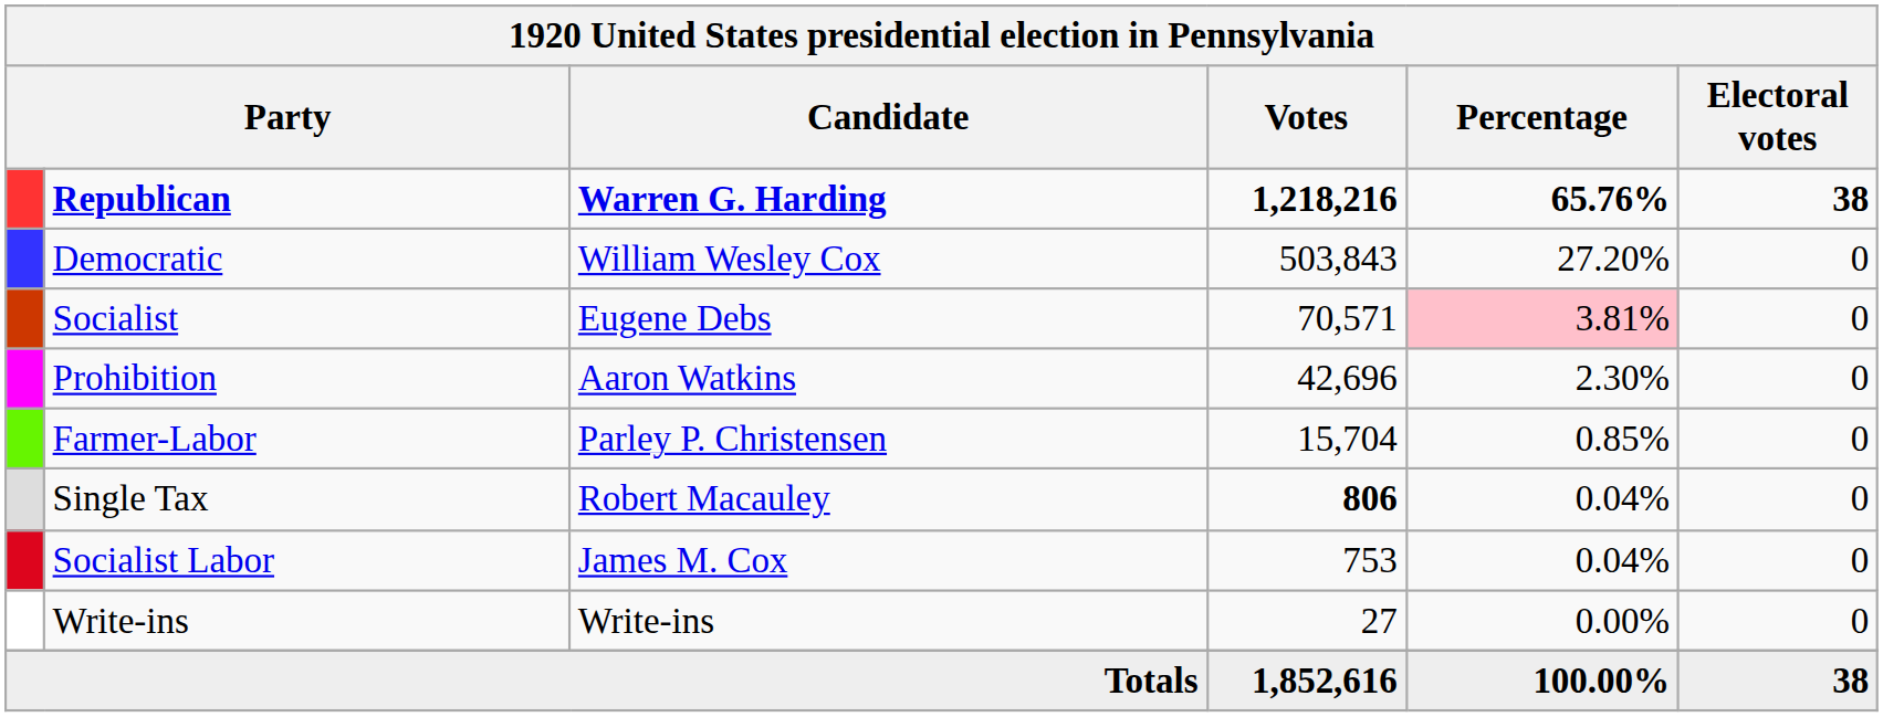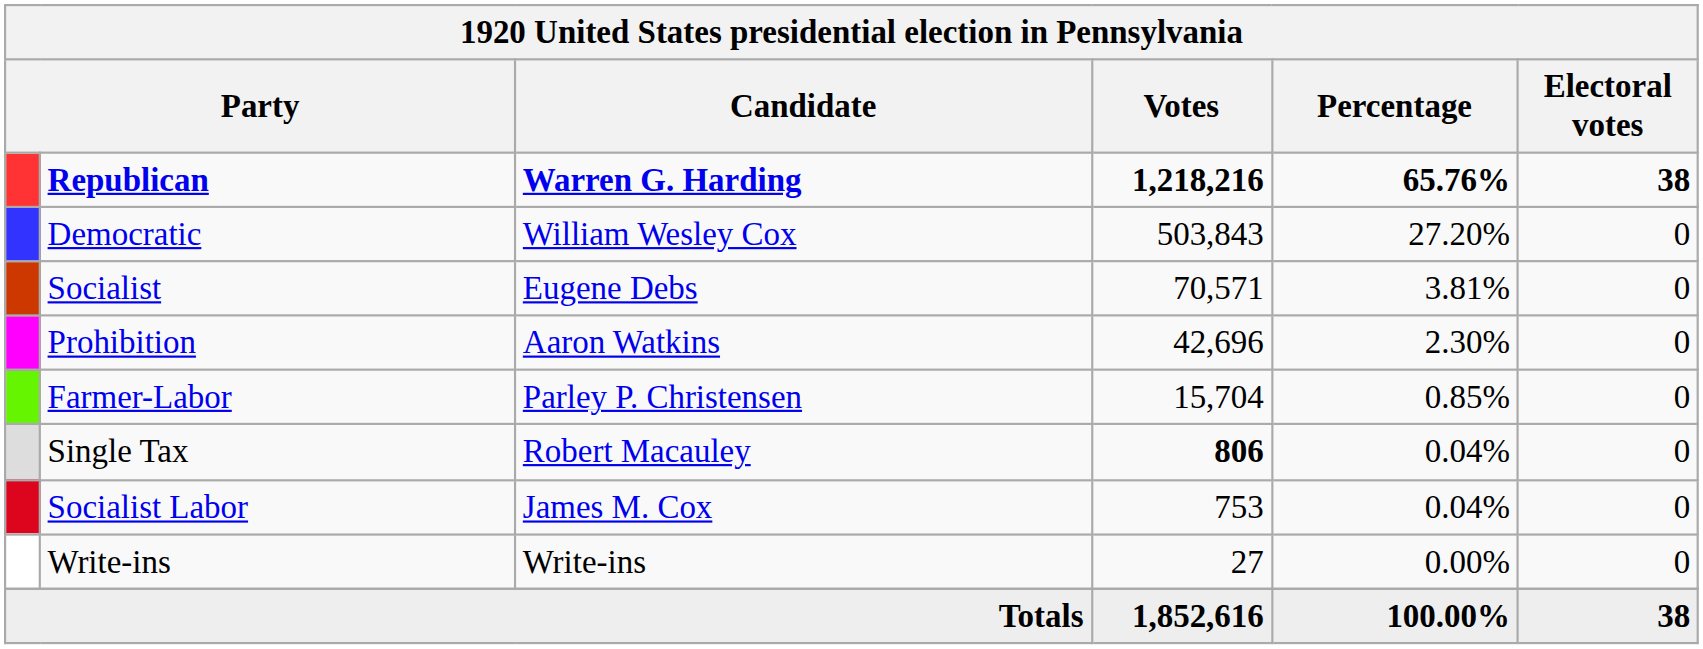 <table class="wikitable" style="font-size: 95%;">
 <tr>
 <th colspan="6">1920 United States presidential election in Pennsylvania</th>
 </tr>
 <tr>
 <th colspan="2" style="width: 15em">Party</th>
 <th style="width: 17em">Candidate</th>
 <th style="width: 5em">Votes</th>
 <th style="width: 7em">Percentage</th>
 <th style="width: 5em">Electoral votes</th>
 </tr>
 <tr>
 <th style="background-color:#FF3333; width: 3px"></th>
 <td style="width: 130px"><strong><a href='#'>Republican</a></strong></td>
 <td><strong><a href='#'>Warren G. Harding</a></strong></td>
 <td align="right"><strong>1,218,216</strong></td>
 <td align="right"><strong>65.76%</strong></td>
 <td align="right"><strong>38</strong></td>
 </tr>
 <tr>
 <th style="background-color:#3333FF; width: 3px"></th>
 <td style="width: 130px"><a href='#'>Democratic</a></td>
 <td><a href='#'>William Wesley Cox</a></td>
 <td align="right">503,843</td>
 <td align="right">27.20%</td>
 <td align="right">0</td>
 </tr>
 <tr>
 <th style="background-color:#CD3700; width: 3px"></th>
 <td style="width: 130px"><a href='#'>Socialist</a></td>
 <td><a href='#'>Eugene Debs</a></td>
 <td align="right">70,571</td>
-<td align="right" style="background: pink;">3.81%</td>
+<td align="right">3.81%</td>
 <td align="right">0</td>
 </tr>
 <tr>
 <th style="background-color:#FF00FF; width: 3px"></th>
 <td style="width: 130px"><a href='#'>Prohibition</a></td>
 <td><a href='#'>Aaron Watkins</a></td>
 <td align="right">42,696</td>
 <td align="right">2.30%</td>
 <td align="right">0</td>
 </tr>
 <tr>
 <th style="background-color:#66F500; width: 3px"></th>
 <td style="width: 130px"><a href='#'>Farmer-Labor</a></td>
 <td><a href='#'>Parley P. Christensen</a></td>
 <td align="right">15,704</td>
 <td align="right">0.85%</td>
 <td align="right">0</td>
 </tr>
 <tr>
 <th style="background-color:#DDDDDD; width: 3px"></th>
 <td style="width: 130px">Single Tax</td>
 <td><a href='#'>Robert Macauley</a></td>
 <td align="right"><strong>806</strong></td>
 <td align="right">0.04%</td>
 <td align="right">0</td>
 </tr>
 <tr>
 <th style="background-color:#DD051D; width: 3px"></th>
 <td style="width: 130px"><a href='#'>Socialist Labor</a></td>
 <td><a href='#'>James M. Cox</a></td>
 <td align="right">753</td>
 <td align="right">0.04%</td>
 <td align="right">0</td>
 </tr>
 <tr>
 <th style="background-color:#FFFFFF; width: 3px"></th>
 <td style="width: 130px">Write-ins</td>
 <td>Write-ins</td>
 <td align="right">27</td>
 <td align="right">0.00%</td>
 <td align="right">0</td>
 </tr>
 <tr>
 </tr>
 <tr bgcolor="#EEEEEE">
 <td colspan="3" align="right"><strong>Totals</strong></td>
 <td align="right"><strong>1,852,616</strong></td>
 <td align="right"><strong>100.00%</strong></td>
 <td align="right"><strong>38</strong></td>
 </tr>
 </table>
